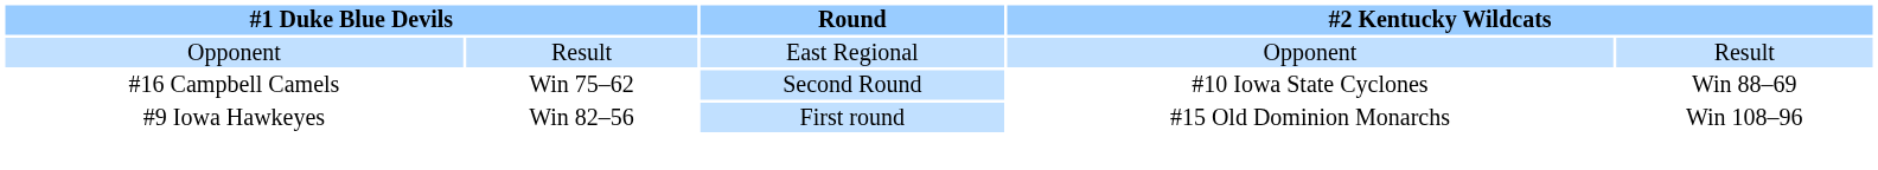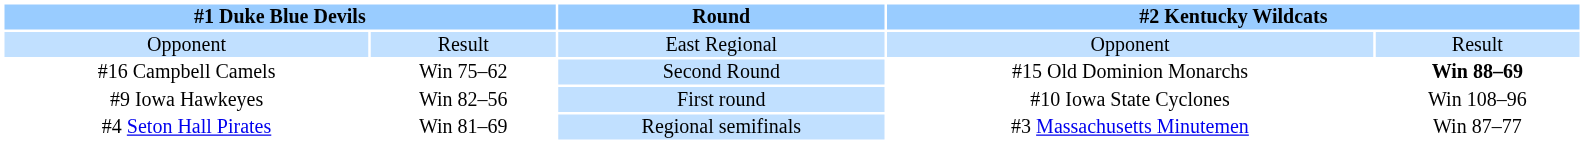 <table style="width:100%;text-align:center">
 <tr style="vertical-align:top;background:#9cf">
 <th colspan=2>#1 Duke Blue Devils</th>
 <th>Round</th>
 <th colspan=2>#2 Kentucky Wildcats</th>
 </tr>
 <tr style="vertical-align:top;background:#c1e0ff">
 <td>Opponent</td>
 <td>Result</td>
 <td>East Regional</td>
 <td>Opponent</td>
 <td>Result</td>
 </tr>
 <tr>
 <td>#16 Campbell Camels</td>
 <td>Win 75–62</td>
 <td style="background:#c1e0ff">Second Round</td>
-<td>#10 Iowa State Cyclones</td>
-<td>Win 88–69</td>
+<td>#15 Old Dominion Monarchs</td>
+<td><strong>Win 88–69</strong></td>
 </tr>
 <tr>
 <td>#9 Iowa Hawkeyes</td>
 <td>Win 82–56</td>
 <td style="background:#c1e0ff">First round</td>
-<td>#15 Old Dominion Monarchs</td>
+<td>#10 Iowa State Cyclones</td>
 <td>Win 108–96</td>
 </tr>
+<tr>
+<td>#4 <a href='#'>Seton Hall Pirates</a></td>
+<td>Win 81–69</td>
+<td style="background:#c1e0ff">Regional semifinals</td>
+<td>#3 <a href='#'>Massachusetts Minutemen</a></td>
+<td>Win 87–77</td>
+</tr>
 </table>
